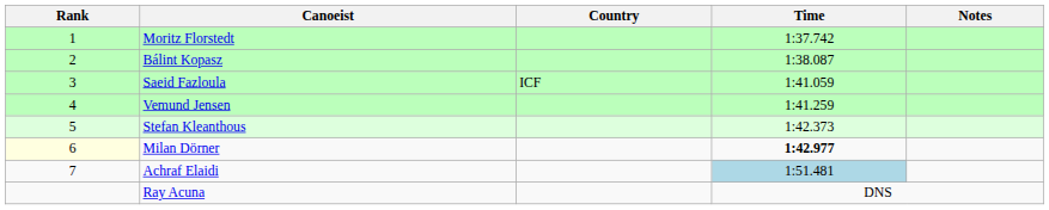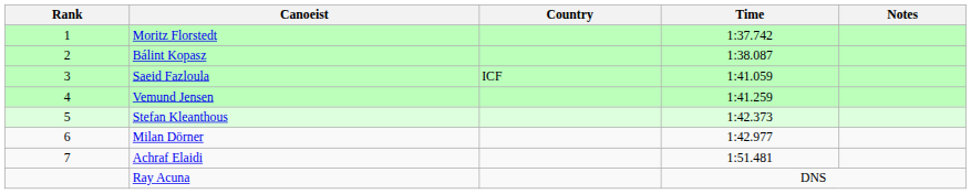 <table class="wikitable" style="text-align:center;width: 60%">
 <tr>
 <th>Rank</th>
 <th>Canoeist</th>
 <th>Country</th>
 <th>Time</th>
 <th>Notes</th>
 </tr>
 <tr bgcolor=bbffbb>
 <td>1</td>
 <td align="left"><a href='#'>Moritz Florstedt</a></td>
 <td align="left"></td>
 <td>1:37.742</td>
 <td></td>
 </tr>
 <tr bgcolor=bbffbb>
 <td>2</td>
 <td align="left"><a href='#'>Bálint Kopasz</a></td>
 <td align="left"></td>
 <td>1:38.087</td>
 <td></td>
 </tr>
 <tr bgcolor=bbffbb>
 <td>3</td>
 <td align="left"><a href='#'>Saeid Fazloula</a></td>
 <td align="left">ICF</td>
 <td>1:41.059</td>
 <td></td>
 </tr>
 <tr bgcolor=bbffbb>
 <td>4</td>
 <td align="left"><a href='#'>Vemund Jensen</a></td>
 <td align="left"></td>
 <td>1:41.259</td>
 <td></td>
 </tr>
 <tr bgcolor=ddffdd>
 <td>5</td>
 <td align="left"><a href='#'>Stefan Kleanthous</a></td>
 <td align="left"></td>
 <td>1:42.373</td>
 <td></td>
 </tr>
 <tr>
-<td style="background: lightyellow;">6</td>
+<td>6</td>
 <td align="left"><a href='#'>Milan Dörner</a></td>
 <td align="left"></td>
-<td><strong>1:42.977</strong></td>
+<td>1:42.977</td>
 <td></td>
 </tr>
 <tr>
 <td>7</td>
 <td align="left"><a href='#'>Achraf Elaidi</a></td>
 <td align="left"></td>
-<td style="background: lightblue;">1:51.481</td>
+<td>1:51.481</td>
 <td></td>
 </tr>
 <tr>
 <td></td>
 <td align="left"><a href='#'>Ray Acuna</a></td>
 <td align="left"></td>
 <td colspan=2>DNS</td>
 </tr>
 </table>
